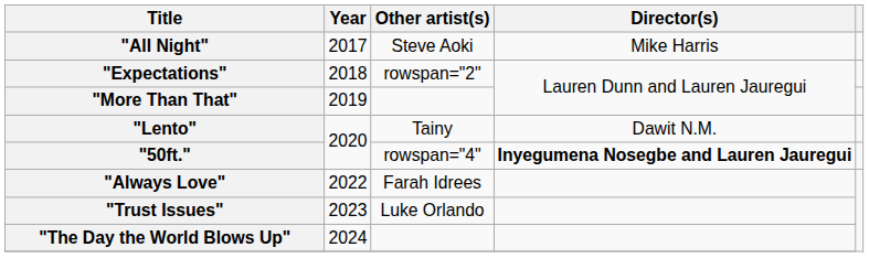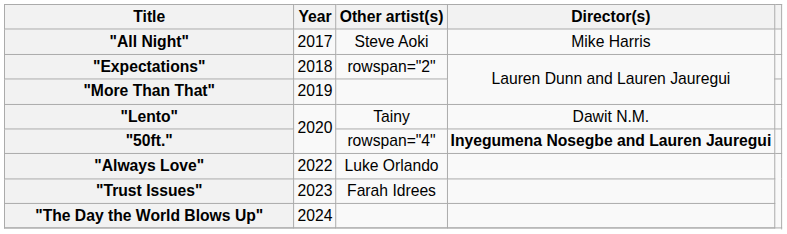 <table class="wikitable sortable plainrowheaders" style="text-align:center;">
 <tr>
 <th scope="col" style="width:18em;">Title</th>
 <th scope="col">Year</th>
 <th scope="col">Other artist(s)</th>
 <th scope="col">Director(s)</th>
 <th scope="col"></th>
 </tr>
 <tr>
 <th scope="row">"All Night"</th>
 <td>2017</td>
 <td>Steve Aoki</td>
 <td>Mike Harris</td>
 <td></td>
 </tr>
 <tr>
 <th scope="row">"Expectations"</th>
 <td>2018</td>
 <td>rowspan="2" </td>
 <td rowspan="2">Lauren Dunn and Lauren Jauregui</td>
 <td></td>
 </tr>
 <tr>
 <th scope="row">"More Than That"</th>
 <td>2019</td>
 <td></td>
 </tr>
 <tr>
 <th scope="row">"Lento"</th>
 <td rowspan="2">2020</td>
 <td>Tainy</td>
 <td>Dawit N.M.</td>
 <td></td>
 </tr>
 <tr>
 <th scope="row">"50ft."</th>
 <td>rowspan="4" </td>
 <td><strong>Inyegumena Nosegbe and Lauren Jauregui</strong></td>
 <td></td>
 </tr>
 <tr>
 <th scope="row">"Always Love"</th>
 <td>2022</td>
-<td>Farah Idrees</td>
+<td>Luke Orlando</td>
 <td></td>
 </tr>
 <tr>
 <th scope="row">"Trust Issues"</th>
 <td>2023</td>
-<td>Luke Orlando</td>
+<td>Farah Idrees</td>
 <td></td>
 </tr>
 <tr>
 <th scope="row">"The Day the World Blows Up"</th>
 <td>2024</td>
 <td></td>
 <td></td>
 </tr>
 <tr>
 </tr>
 </table>
